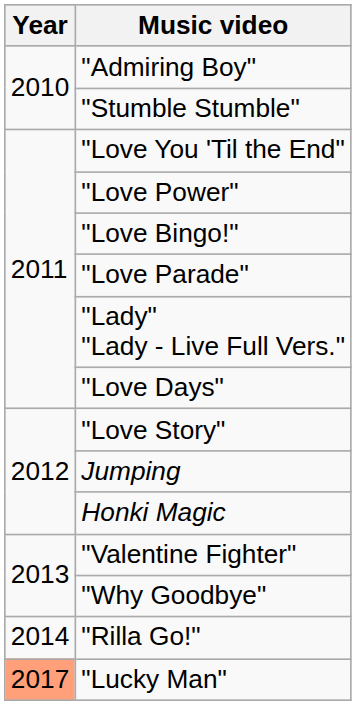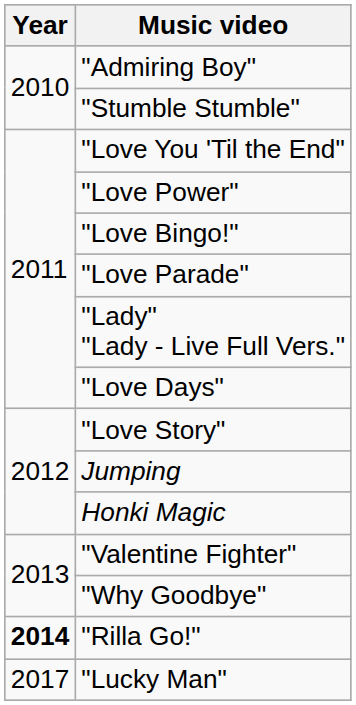 <table class="wikitable">
 <tr>
 <th>Year</th>
 <th>Music video</th>
 </tr>
 <tr>
 <td rowspan="2">2010</td>
 <td>"Admiring Boy"</td>
 </tr>
 <tr>
 <td>"Stumble Stumble"</td>
 </tr>
 <tr>
 <td rowspan="6">2011</td>
 <td>"Love You 'Til the End"</td>
 </tr>
 <tr>
 <td>"Love Power"</td>
 </tr>
 <tr>
 <td>"Love Bingo!"</td>
 </tr>
 <tr>
 <td>"Love Parade"</td>
 </tr>
 <tr>
 <td>"Lady"<br>"Lady - Live Full Vers."</td>
 </tr>
 <tr>
 <td>"Love Days"</td>
 </tr>
 <tr>
 <td rowspan="3">2012</td>
 <td>"Love Story"</td>
 </tr>
 <tr>
 <td><em>Jumping</em></td>
 </tr>
 <tr>
 <td><em>Honki Magic</em></td>
 </tr>
 <tr>
 <td rowspan="2">2013</td>
 <td>"Valentine Fighter"</td>
 </tr>
 <tr>
 <td>"Why Goodbye"</td>
 </tr>
 <tr>
-<td>2014</td>
+<td><strong>2014</strong></td>
 <td>"Rilla Go!"</td>
 </tr>
 <tr>
-<td style="background: lightsalmon;">2017</td>
+<td>2017</td>
 <td>"Lucky Man"</td>
 </tr>
 </table>
